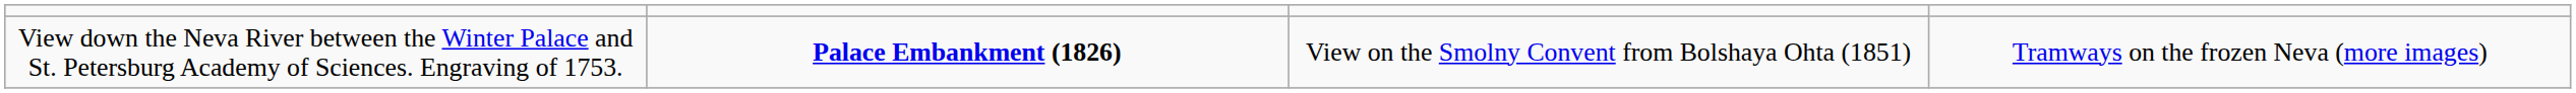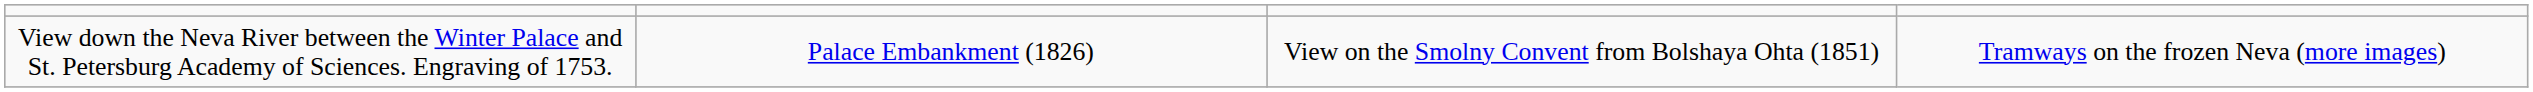 <table Class = "wikitable" style = "text-align: center">
 <tr>
 <td style="width:25%;"></td>
 <td style="width:25%;"></td>
 <td style="width:25%;"></td>
 <td style="width:25%;"></td>
 </tr>
 <tr>
 <td>View down the Neva River between the <a href='#'>Winter Palace</a> and St. Petersburg Academy of Sciences. Engraving of 1753.</td>
-<td><strong><a href='#'>Palace Embankment</a> (1826)</strong></td>
+<td><a href='#'>Palace Embankment</a> (1826)</td>
 <td>View on the <a href='#'>Smolny Convent</a> from Bolshaya Ohta (1851)</td>
 <td><a href='#'>Tramways</a> on the frozen Neva (<a href='#'>more images</a>)</td>
 </tr>
 </table>
